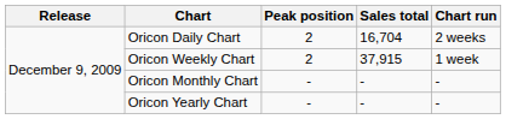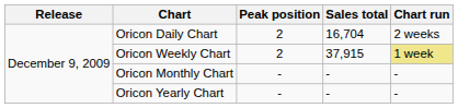 <table class="wikitable">
 <tr>
 <th>Release</th>
 <th>Chart</th>
 <th>Peak position</th>
 <th>Sales total</th>
 <th>Chart run</th>
 </tr>
 <tr>
 <td rowspan="4">December 9, 2009</td>
 <td>Oricon Daily Chart</td>
 <td align="center">2</td>
 <td>16,704</td>
 <td>2 weeks</td>
 </tr>
 <tr>
 <td>Oricon Weekly Chart</td>
 <td align="center">2</td>
 <td>37,915</td>
-<td>1 week</td>
+<td style="background: khaki;">1 week</td>
 </tr>
 <tr>
 <td>Oricon Monthly Chart</td>
 <td align="center">-</td>
 <td>-</td>
 <td>-</td>
 </tr>
 <tr>
 <td>Oricon Yearly Chart</td>
 <td align="center">-</td>
 <td>-</td>
 <td>-</td>
 </tr>
 </table>
